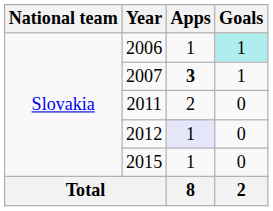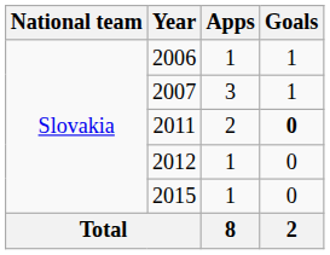 <table class="wikitable" style="text-align: center;">
 <tr>
 <th>National team</th>
 <th>Year</th>
 <th>Apps</th>
 <th>Goals</th>
 </tr>
 <tr>
 <td rowspan=5><a href='#'>Slovakia</a></td>
 <td>2006</td>
 <td>1</td>
-<td style="background: paleturquoise;">1</td>
+<td>1</td>
 </tr>
 <tr>
 <td>2007</td>
-<td><strong>3</strong></td>
+<td>3</td>
 <td>1</td>
 </tr>
 <tr>
 <td>2011</td>
 <td>2</td>
-<td>0</td>
+<td><strong>0</strong></td>
 </tr>
 <tr>
 <td>2012</td>
-<td style="background: lavender;">1</td>
+<td>1</td>
 <td>0</td>
 </tr>
 <tr>
 <td>2015</td>
 <td>1</td>
 <td>0</td>
 </tr>
 <tr>
 <th colspan=2>Total</th>
 <th>8</th>
 <th>2</th>
 </tr>
 </table>
